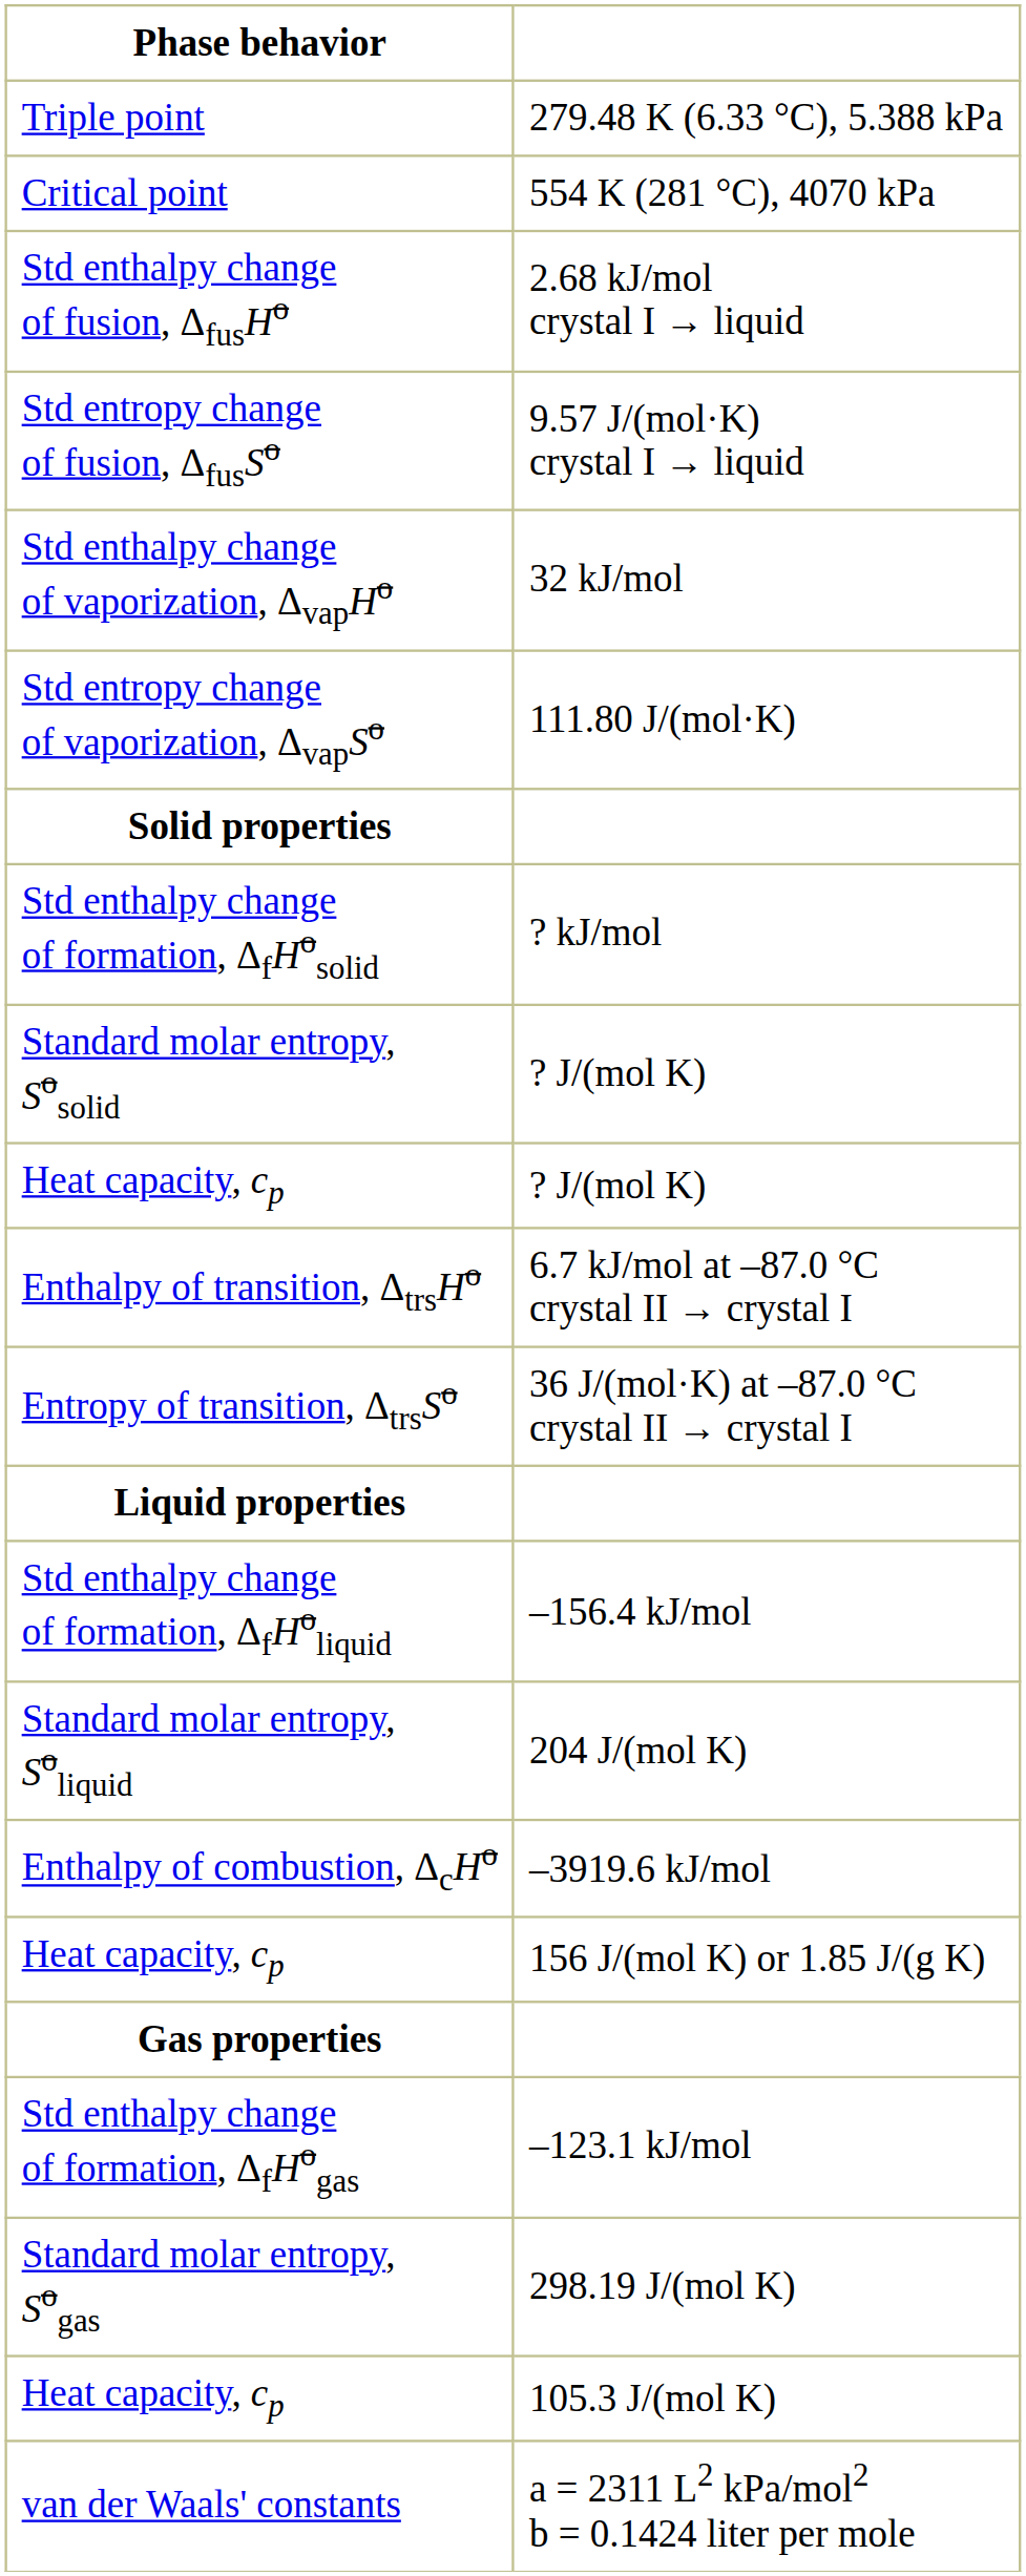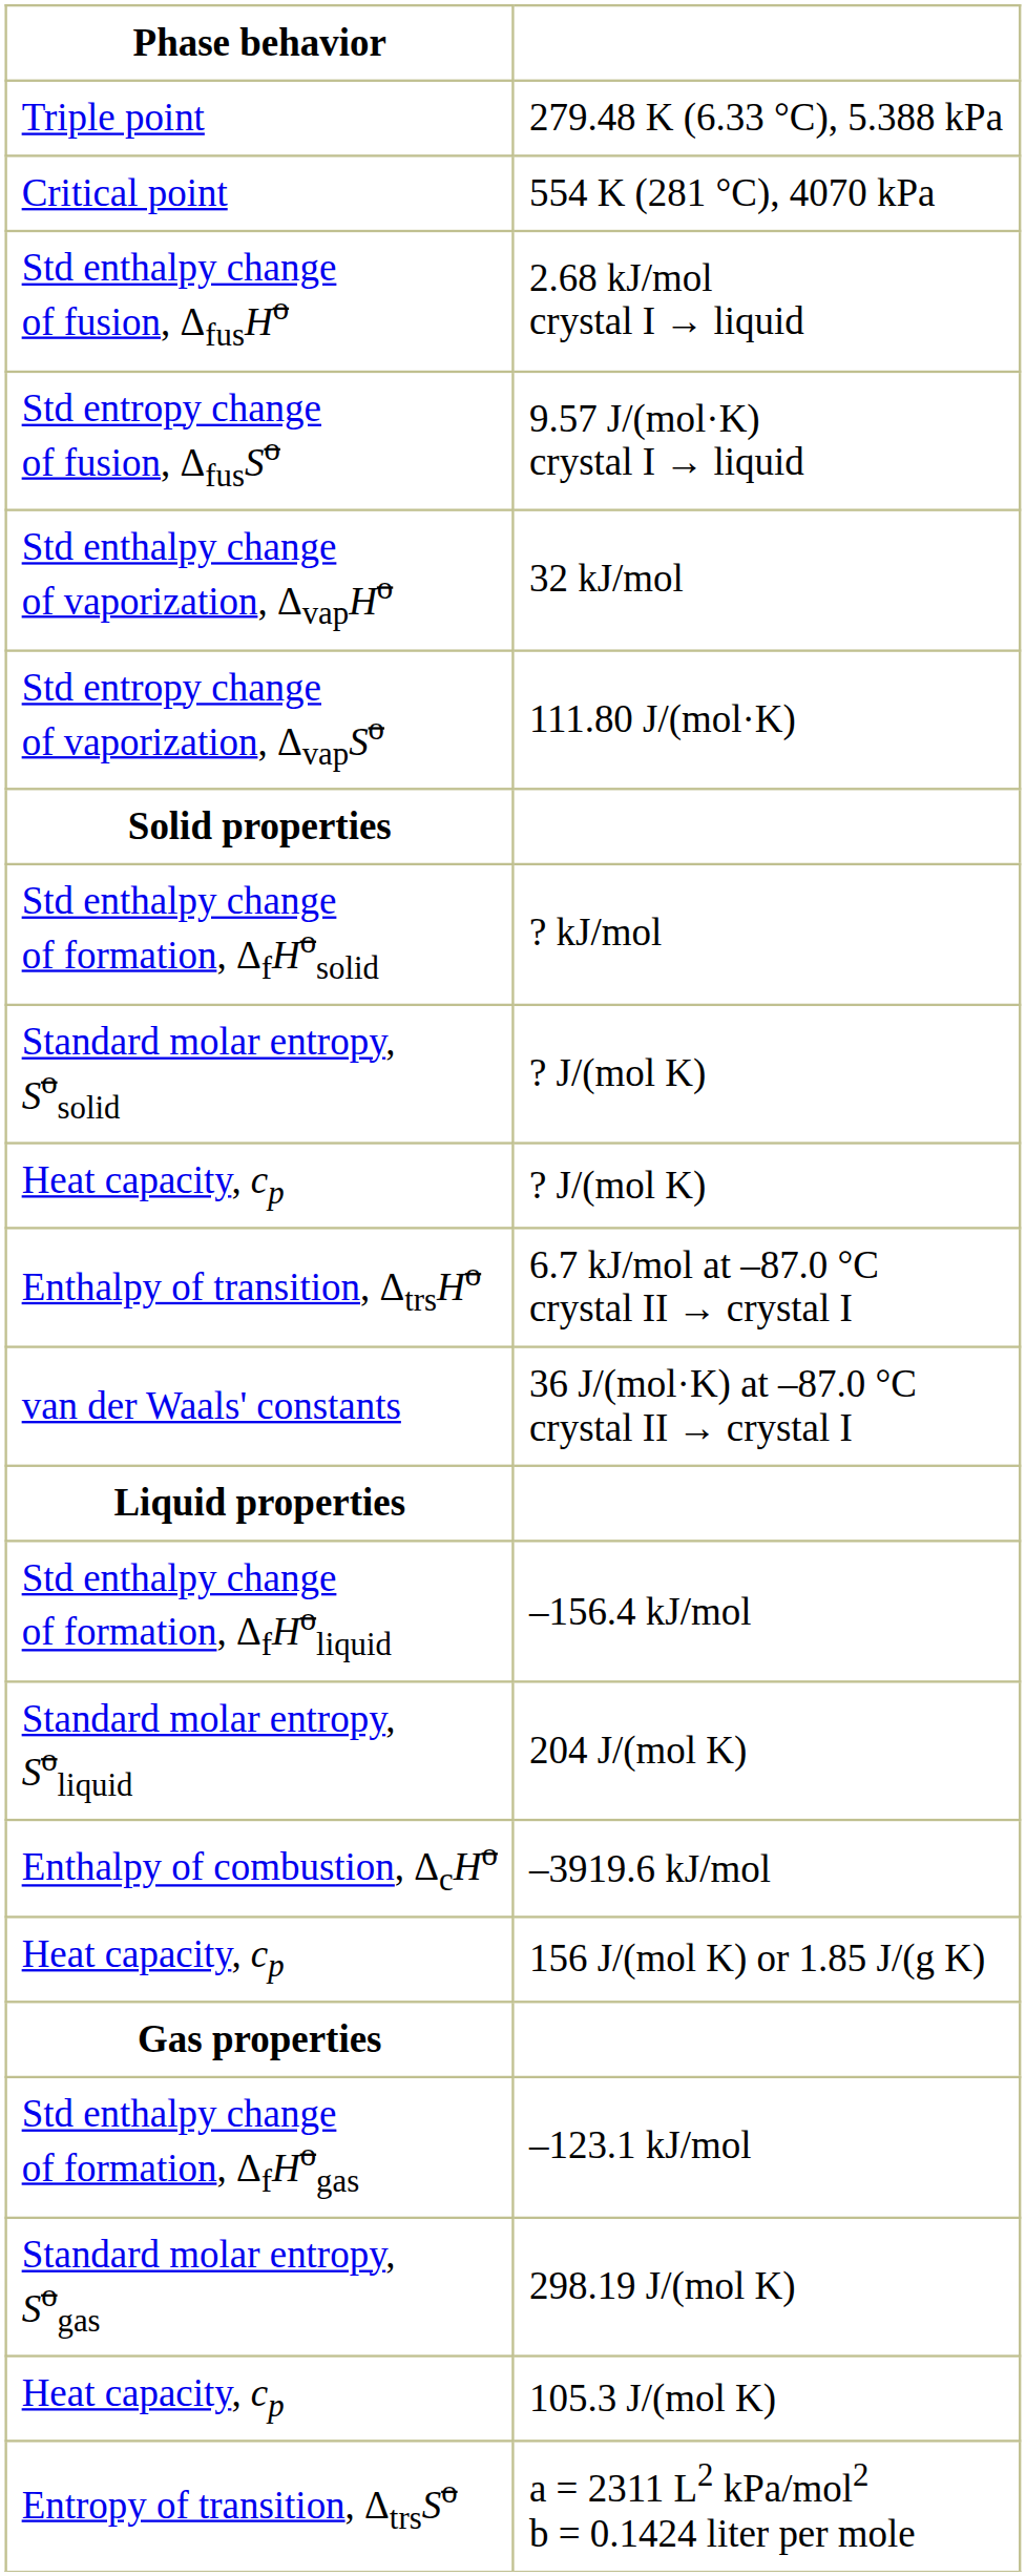 <table border="1" cellspacing="0" cellpadding="6" style="margin: 0 0 0 0.5em; background: #FFFFFF; border-collapse: collapse; border-color: #C0C090;">
 <tr>
 <th>Phase behavior</th>
 </tr>
 <tr>
 <td><a href='#'>Triple point</a></td>
 <td>279.48 K (6.33 °C), 5.388 kPa</td>
 </tr>
 <tr>
 <td><a href='#'>Critical point</a></td>
 <td>554 K (281 °C), 4070 kPa</td>
 </tr>
 <tr>
 <td><a href='#'>Std enthalpy change<br>of fusion</a>, Δ<sub>fus</sub><em>H</em><sup><s>o</s></sup></td>
 <td>2.68 kJ/mol<br>crystal I → liquid</td>
 </tr>
 <tr>
 <td><a href='#'>Std entropy change<br>of fusion</a>, Δ<sub>fus</sub><em>S</em><sup><s>o</s></sup></td>
 <td>9.57	 J/(mol·K)<br>crystal I → liquid</td>
 </tr>
 <tr>
 <td><a href='#'>Std enthalpy change<br>of vaporization</a>, Δ<sub>vap</sub><em>H</em><sup><s>o</s></sup></td>
 <td>32 kJ/mol</td>
 </tr>
 <tr>
 <td><a href='#'>Std entropy change<br>of vaporization</a>, Δ<sub>vap</sub><em>S</em><sup><s>o</s></sup></td>
 <td>111.80 J/(mol·K)</td>
 </tr>
 <tr>
 <th>Solid properties</th>
 </tr>
 <tr>
 <td><a href='#'>Std enthalpy change<br>of formation</a>, Δ<sub>f</sub><em>H</em><sup><s>o</s></sup><sub>solid</sub></td>
 <td>? kJ/mol</td>
 </tr>
 <tr>
 <td><a href='#'>Standard molar entropy</a>,<br><em>S</em><sup><s>o</s></sup><sub>solid</sub></td>
 <td>? J/(mol K)</td>
 </tr>
 <tr>
 <td><a href='#'>Heat capacity</a>, <em>c<sub>p</sub></em></td>
 <td>? J/(mol K)</td>
 </tr>
 <tr>
 <td><a href='#'>Enthalpy of transition</a>, Δ<sub>trs</sub><em>H</em><sup><s>o</s></sup></td>
 <td>6.7 kJ/mol at –87.0 °C<br>crystal II → crystal I</td>
 </tr>
 <tr>
-<td><a href='#'>Entropy of transition</a>, Δ<sub>trs</sub><em>S</em><sup><s>o</s></sup></td>
+<td><a href='#'>van der Waals' constants</a></td>
 <td>36 J/(mol·K) at –87.0 °C<br>crystal II → crystal I</td>
 </tr>
 <tr>
 <th>Liquid properties</th>
 </tr>
 <tr>
 <td><a href='#'>Std enthalpy change<br>of formation</a>, Δ<sub>f</sub><em>H</em><sup><s>o</s></sup><sub>liquid</sub></td>
 <td>–156.4 kJ/mol</td>
 </tr>
 <tr>
 <td><a href='#'>Standard molar entropy</a>,<br><em>S</em><sup><s>o</s></sup><sub>liquid</sub></td>
 <td>204 J/(mol K)</td>
 </tr>
 <tr>
 <td><a href='#'>Enthalpy of combustion</a>, Δ<sub>c</sub><em>H</em><sup><s>o</s></sup></td>
 <td>–3919.6 kJ/mol</td>
 </tr>
 <tr>
 <td><a href='#'>Heat capacity</a>, <em>c<sub>p</sub></em></td>
 <td>156 J/(mol K) or 1.85 J/(g K)</td>
 </tr>
 <tr>
 <th>Gas properties</th>
 </tr>
 <tr>
 <td><a href='#'>Std enthalpy change<br>of formation</a>, Δ<sub>f</sub><em>H</em><sup><s>o</s></sup><sub>gas</sub></td>
 <td>–123.1 kJ/mol</td>
 </tr>
 <tr>
 <td><a href='#'>Standard molar entropy</a>,<br><em>S</em><sup><s>o</s></sup><sub>gas</sub></td>
 <td>298.19 J/(mol K)</td>
 </tr>
 <tr>
 <td><a href='#'>Heat capacity</a>, <em>c<sub>p</sub></em></td>
 <td>105.3 J/(mol K)</td>
 </tr>
 <tr>
-<td><a href='#'>van der Waals' constants</a></td>
+<td><a href='#'>Entropy of transition</a>, Δ<sub>trs</sub><em>S</em><sup><s>o</s></sup></td>
 <td>a = 2311 L<sup>2</sup> kPa/mol<sup>2</sup><br> b = 0.1424 liter per mole</td>
 </tr>
 <tr>
 </tr>
 </table>
